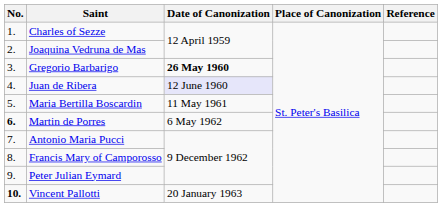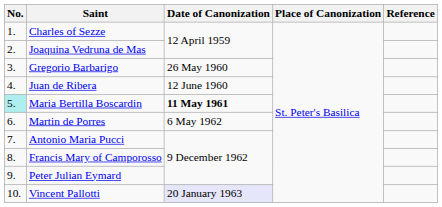 <table class="wikitable">
 <tr>
 <th>No.</th>
 <th>Saint</th>
 <th>Date of Canonization</th>
 <th>Place of Canonization</th>
 <th>Reference</th>
 </tr>
 <tr>
 <td>1.</td>
 <td><a href='#'>Charles of Sezze</a></td>
 <td rowspan="2">12 April 1959</td>
 <td rowspan="10"><a href='#'>St. Peter's Basilica</a></td>
 <td></td>
 </tr>
 <tr>
 <td>2.</td>
 <td><a href='#'>Joaquina Vedruna de Mas</a></td>
 <td></td>
 </tr>
 <tr>
 <td>3.</td>
 <td><a href='#'>Gregorio Barbarigo</a></td>
-<td><strong>26 May 1960</strong></td>
+<td>26 May 1960</td>
 <td></td>
 </tr>
 <tr>
 <td>4.</td>
 <td><a href='#'>Juan de Ribera</a></td>
-<td style="background: lavender;">12 June 1960</td>
+<td>12 June 1960</td>
 <td></td>
 </tr>
 <tr>
-<td>5.</td>
+<td style="background: paleturquoise;">5.</td>
 <td><a href='#'>Maria Bertilla Boscardin</a></td>
-<td>11 May 1961</td>
+<td><strong>11 May 1961</strong></td>
 <td></td>
 </tr>
 <tr>
-<td><strong>6.</strong></td>
+<td>6.</td>
 <td><a href='#'>Martin de Porres</a></td>
 <td>6 May 1962</td>
 <td></td>
 </tr>
 <tr>
 <td>7.</td>
 <td><a href='#'>Antonio Maria Pucci</a></td>
 <td rowspan="3">9 December 1962</td>
 <td></td>
 </tr>
 <tr>
 <td>8.</td>
 <td><a href='#'>Francis Mary of Camporosso</a></td>
 <td></td>
 </tr>
 <tr>
 <td>9.</td>
 <td><a href='#'>Peter Julian Eymard</a></td>
 <td></td>
 </tr>
 <tr>
-<td><strong>10.</strong></td>
+<td>10.</td>
 <td><a href='#'>Vincent Pallotti</a></td>
-<td>20 January 1963</td>
+<td style="background: lavender;">20 January 1963</td>
 <td></td>
 </tr>
 </table>
